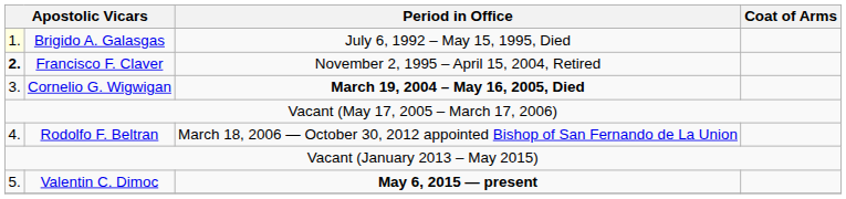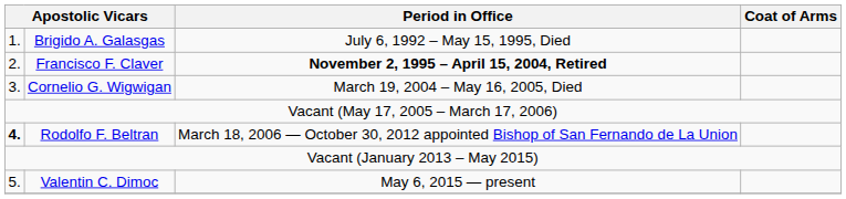 <table class="wikitable" style="text-align:center;">
 <tr>
 <th colspan="2">Apostolic Vicars</th>
 <th>Period in Office</th>
 <th>Coat of Arms</th>
 </tr>
 <tr>
-<td style="background: lightyellow;">1.</td>
+<td>1.</td>
 <td><a href='#'>Brigido A. Galasgas</a></td>
 <td>July 6, 1992 – May 15, 1995, Died</td>
 <td></td>
 </tr>
 <tr>
-<td><strong>2.</strong></td>
+<td>2.</td>
 <td><a href='#'>Francisco F. Claver</a></td>
-<td>November 2, 1995 – April 15, 2004, Retired</td>
+<td><strong>November 2, 1995 – April 15, 2004, Retired</strong></td>
 <td></td>
 </tr>
 <tr>
 <td>3.</td>
 <td><a href='#'>Cornelio G. Wigwigan</a></td>
-<td><strong>March 19, 2004 – May 16, 2005, Died</strong></td>
+<td>March 19, 2004 – May 16, 2005, Died</td>
 <td></td>
 </tr>
 <tr>
 <td colspan="4">Vacant (May 17, 2005 – March 17, 2006)</td>
 </tr>
 <tr>
-<td>4.</td>
+<td><strong>4.</strong></td>
 <td><a href='#'>Rodolfo F. Beltran</a></td>
 <td>March 18, 2006 — October 30, 2012 appointed <a href='#'>Bishop of San Fernando de La Union</a></td>
 <td></td>
 </tr>
 <tr>
 <td colspan="4">Vacant (January 2013 – May 2015)</td>
 </tr>
 <tr>
 <td>5.</td>
 <td><a href='#'>Valentin C. Dimoc</a></td>
-<td><strong>May 6, 2015 — present</strong></td>
+<td>May 6, 2015 — present</td>
 <td></td>
 </tr>
 <tr>
 </tr>
 </table>
